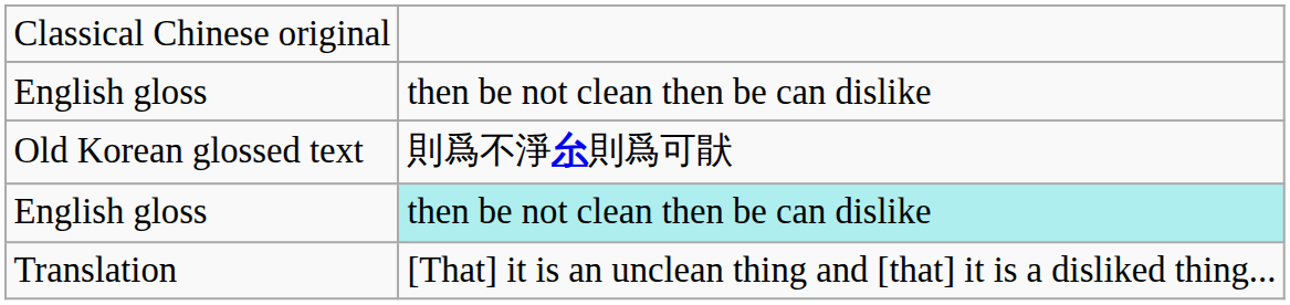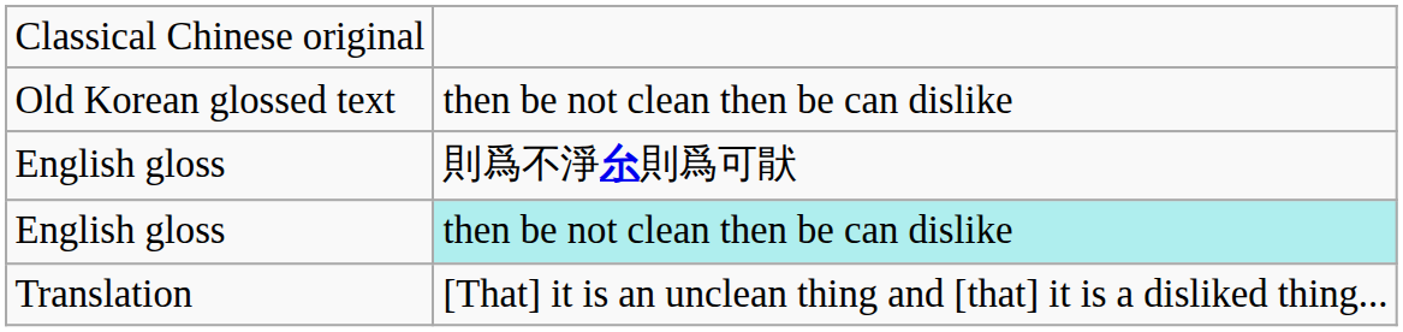 <table class="wikitable">
 <tr>
 <td>Classical Chinese original</td>
 <td></td>
 </tr>
 <tr>
-<td>English gloss</td>
+<td>Old Korean glossed text</td>
 <td>then be not clean then be can dislike</td>
 </tr>
 <tr>
-<td>Old Korean glossed text</td>
+<td>English gloss</td>
 <td>則爲不淨<strong><a href='#'>厼</a></strong>則爲可猒</td>
 </tr>
 <tr>
 <td>English gloss</td>
 <td style="background: paleturquoise;">then be not clean then be can dislike</td>
 </tr>
 <tr>
 <td>Translation</td>
 <td>[That] it is an unclean thing and [that] it is a disliked thing...</td>
 </tr>
 </table>
